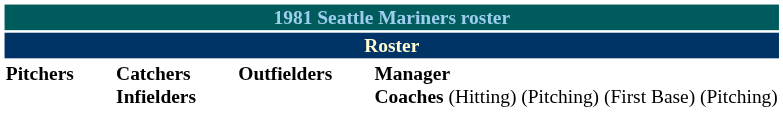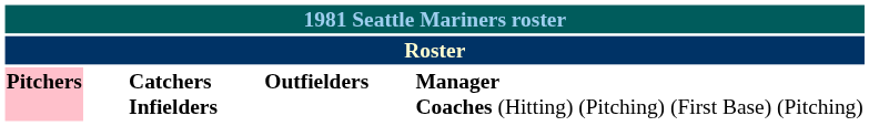 <table class="toccolours" style="font-size: 95%;">
 <tr>
 <th colspan="10" style="background-color: #005c5c; color: #9ECEEE; text-align: center;">1981 Seattle Mariners roster</th>
 </tr>
 <tr>
 <td colspan="10" style="background-color: #003366; color: #FFFDD0; text-align: center;"><strong>Roster</strong></td>
 </tr>
 <tr>
-<td valign="top"><strong>Pitchers</strong><br>              </td>
+<td valign="top" style="background: pink;"><strong>Pitchers</strong><br>              </td>
 <td width="25px"></td>
 <td valign="top"><strong>Catchers</strong><br>    <strong>Infielders</strong>            </td>
 <td width="25px"></td>
 <td valign="top"><strong>Outfielders</strong><br>     </td>
 <td width="25px"></td>
 <td valign="top"><strong>Manager</strong><br>  <strong>Coaches</strong>  (Hitting)  (Pitching)  (First Base)  (Pitching)</td>
 </tr>
 </table>
